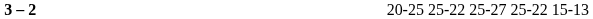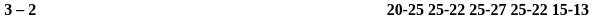 <table width=100% cellspacing=1>
 <tr>
 <th width=20%></th>
 <th width=12%></th>
 <th width=20%></th>
 <th width=33%></th>
 <td></td>
 </tr>
 <tr style=font-size:90%>
 <td align=right></td>
 <td align=center><strong>3 – 2</strong></td>
 <td></td>
-<td>20-25 25-22 25-27 25-22 15-13</td>
+<td><strong>20-25 25-22 25-27 25-22 15-13</strong></td>
 </tr>
 </table>
